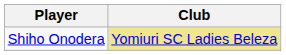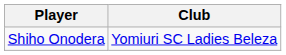 <table class="wikitable">
 <tr>
 <th>Player</th>
 <th>Club</th>
 </tr>
 <tr>
 <td> <a href='#'>Shiho Onodera</a></td>
-<td style="background: khaki;"><a href='#'>Yomiuri SC Ladies Beleza</a></td>
+<td><a href='#'>Yomiuri SC Ladies Beleza</a></td>
 </tr>
 </table>
